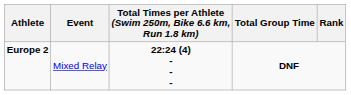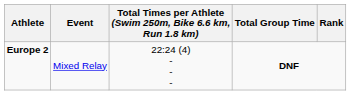 <table class="wikitable" style="font-size:90%;">
 <tr>
 <th>Athlete</th>
 <th>Event</th>
 <th>Total Times per Athlete <br> <em>(Swim 250m, Bike 6.6 km, <br> Run 1.8 km)</em></th>
 <th>Total Group Time</th>
 <th>Rank</th>
 </tr>
 <tr align=center>
 <td align=left><strong>Europe 2</strong><br><br><br><br></td>
 <td rowspan=2 align=left><a href='#'>Mixed Relay</a></td>
-<td valign=bottom><strong>22:24 (4)<br>-<br>-<br>-</strong></td>
+<td valign=bottom>22:24 (4)<br>-<br>-<br>-</td>
 <td colspan=2><strong>DNF</strong></td>
 </tr>
 </table>
